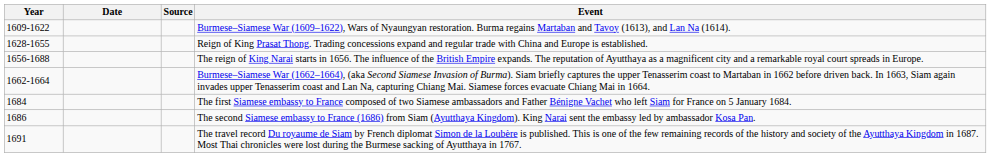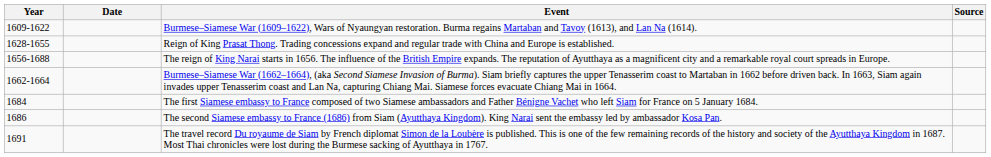 <table class="wikitable" width="100%">
 <tr>
 <th style="width:6%">Year</th>
 <th style="width:10%">Date</th>
+<th>Event</th>
 <th>Source</th>
-<th>Event</th>
 </tr>
 <tr>
 <td>1609-1622</td>
 <td></td>
+<td><a href='#'>Burmese–Siamese War (1609–1622)</a>, Wars of Nyaungyan restoration. Burma regains <a href='#'>Martaban</a> and <a href='#'>Tavoy</a> (1613), and <a href='#'>Lan Na</a> (1614).</td>
 <td></td>
-<td><a href='#'>Burmese–Siamese War (1609–1622)</a>, Wars of Nyaungyan restoration. Burma regains <a href='#'>Martaban</a> and <a href='#'>Tavoy</a> (1613), and <a href='#'>Lan Na</a> (1614).</td>
 </tr>
 <tr>
 <td>1628-1655</td>
 <td></td>
+<td>Reign of King <a href='#'>Prasat Thong</a>. Trading concessions expand and regular trade with China and Europe is established.</td>
 <td></td>
-<td>Reign of King <a href='#'>Prasat Thong</a>. Trading concessions expand and regular trade with China and Europe is established.</td>
 </tr>
 <tr>
 <td>1656-1688</td>
 <td></td>
+<td>The reign of <a href='#'>King Narai</a> starts in 1656. The influence of the <a href='#'>British Empire</a> expands. The reputation of Ayutthaya as a magnificent city and a remarkable royal court spreads in Europe.</td>
 <td></td>
-<td>The reign of <a href='#'>King Narai</a> starts in 1656. The influence of the <a href='#'>British Empire</a> expands. The reputation of Ayutthaya as a magnificent city and a remarkable royal court spreads in Europe.</td>
 </tr>
 <tr>
 <td>1662-1664</td>
 <td></td>
+<td><a href='#'>Burmese–Siamese War (1662–1664)</a>, (aka <em>Second Siamese Invasion of Burma</em>). Siam briefly captures the upper Tenasserim coast to Martaban in 1662 before driven back. In 1663, Siam again invades upper Tenasserim coast and Lan Na, capturing Chiang Mai. Siamese forces evacuate Chiang Mai in 1664.</td>
 <td></td>
-<td><a href='#'>Burmese–Siamese War (1662–1664)</a>, (aka <em>Second Siamese Invasion of Burma</em>). Siam briefly captures the upper Tenasserim coast to Martaban in 1662 before driven back. In 1663, Siam again invades upper Tenasserim coast and Lan Na, capturing Chiang Mai. Siamese forces evacuate Chiang Mai in 1664.</td>
 </tr>
 <tr>
 <td>1684</td>
 <td></td>
+<td>The first <a href='#'>Siamese embassy to France</a> composed of two Siamese ambassadors and Father <a href='#'>Bénigne Vachet</a> who left <a href='#'>Siam</a> for France on 5 January 1684.</td>
 <td></td>
-<td>The first <a href='#'>Siamese embassy to France</a> composed of two Siamese ambassadors and Father <a href='#'>Bénigne Vachet</a> who left <a href='#'>Siam</a> for France on 5 January 1684.</td>
 </tr>
 <tr>
 <td>1686</td>
 <td></td>
+<td>The second <a href='#'>Siamese embassy to France (1686)</a> from Siam (<a href='#'>Ayutthaya Kingdom</a>). King <a href='#'>Narai</a> sent the embassy led by ambassador <a href='#'>Kosa Pan</a>.</td>
 <td></td>
-<td>The second <a href='#'>Siamese embassy to France (1686)</a> from Siam (<a href='#'>Ayutthaya Kingdom</a>). King <a href='#'>Narai</a> sent the embassy led by ambassador <a href='#'>Kosa Pan</a>.</td>
 </tr>
 <tr>
 <td>1691</td>
 <td></td>
+<td>The travel record <a href='#'>Du royaume de Siam</a> by French diplomat <a href='#'>Simon de la Loubère</a> is published. This is one of the few remaining records of the history and society of the <a href='#'>Ayutthaya Kingdom</a> in 1687. Most Thai chronicles were lost during the Burmese sacking of Ayutthaya in 1767.</td>
 <td></td>
-<td>The travel record <a href='#'>Du royaume de Siam</a> by French diplomat <a href='#'>Simon de la Loubère</a> is published. This is one of the few remaining records of the history and society of the <a href='#'>Ayutthaya Kingdom</a> in 1687. Most Thai chronicles were lost during the Burmese sacking of Ayutthaya in 1767.</td>
 </tr>
 </table>
